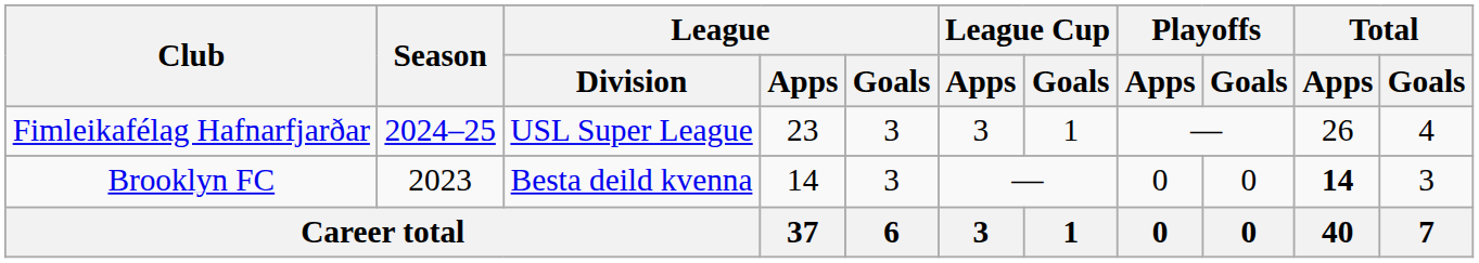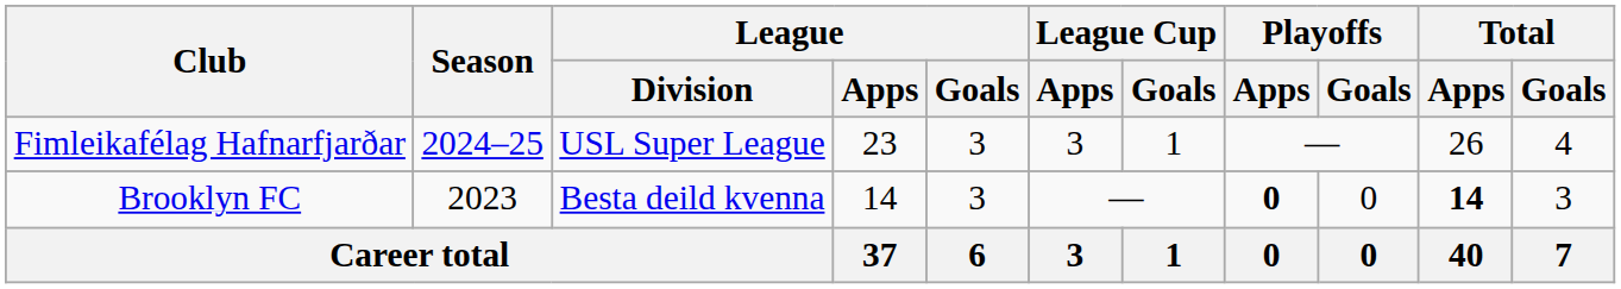 <table class="wikitable" style="text-align:center">
 <tr>
 <th rowspan="2">Club</th>
 <th rowspan="2">Season</th>
 <th colspan="3">League</th>
 <th colspan="2">League Cup</th>
 <th colspan="2">Playoffs</th>
 <th colspan="2">Total</th>
 </tr>
 <tr>
 <th>Division</th>
 <th>Apps</th>
 <th>Goals</th>
 <th>Apps</th>
 <th>Goals</th>
 <th>Apps</th>
 <th>Goals</th>
 <th>Apps</th>
 <th>Goals</th>
 </tr>
 <tr>
 <td><a href='#'>Fimleikafélag Hafnarfjarðar</a></td>
 <td><a href='#'>2024–25</a></td>
 <td><a href='#'>USL Super League</a></td>
 <td>23</td>
 <td>3</td>
 <td>3</td>
 <td>1</td>
 <td colspan="2">—</td>
 <td>26</td>
 <td>4</td>
 </tr>
 <tr>
 <td><a href='#'>Brooklyn FC</a></td>
 <td>2023</td>
 <td><a href='#'>Besta deild kvenna</a></td>
 <td>14</td>
 <td>3</td>
 <td colspan="2">—</td>
-<td>0</td>
+<td><strong>0</strong></td>
 <td>0</td>
 <td><strong>14</strong></td>
 <td>3</td>
 </tr>
 <tr>
 <th colspan="3">Career total</th>
 <th>37</th>
 <th>6</th>
 <th>3</th>
 <th>1</th>
 <th>0</th>
 <th>0</th>
 <th>40</th>
 <th>7</th>
 </tr>
 </table>
